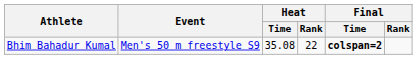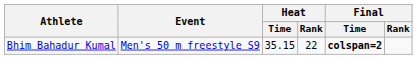 <table class=wikitable style=font-size:90%;text-align:center>
 <tr>
 <th rowspan=2>Athlete</th>
 <th rowspan=2>Event</th>
 <th colspan=2>Heat</th>
 <th colspan=2>Final</th>
 </tr>
 <tr style=font-size:95%>
 <th>Time</th>
 <th>Rank</th>
 <th>Time</th>
 <th>Rank</th>
 </tr>
 <tr>
 <td align=left><a href='#'>Bhim Bahadur Kumal</a></td>
 <td align=left><a href='#'>Men's 50 m freestyle S9</a></td>
-<td>35.08</td>
+<td>35.15</td>
 <td>22</td>
 <td><strong>colspan=2 </strong></td>
 </tr>
 </table>
